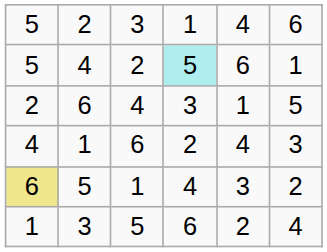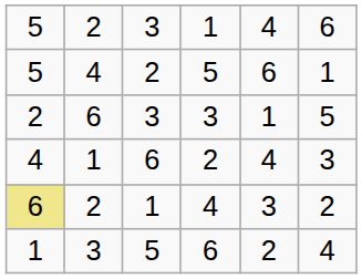 <table class="wikitable" border="1" align="center" style="margin: 1em auto 1em auto; text-align:center; width:200px">
 <tr>
 <td>5</td>
 <td>2</td>
 <td>3</td>
 <td>1</td>
 <td>4</td>
 <td>6</td>
 </tr>
 <tr>
 <td>5</td>
 <td>4</td>
 <td>2</td>
-<td style="background: paleturquoise;">5</td>
+<td>5</td>
 <td>6</td>
 <td>1</td>
 </tr>
 <tr>
 <td>2</td>
 <td>6</td>
-<td>4</td>
+<td>3</td>
 <td>3</td>
 <td>1</td>
 <td>5</td>
 </tr>
 <tr>
 <td>4</td>
 <td>1</td>
 <td>6</td>
 <td>2</td>
 <td>4</td>
 <td>3</td>
 </tr>
 <tr>
 <td style="background: khaki;">6</td>
-<td>5</td>
+<td>2</td>
 <td>1</td>
 <td>4</td>
 <td>3</td>
 <td>2</td>
 </tr>
 <tr>
 <td>1</td>
 <td>3</td>
 <td>5</td>
 <td>6</td>
 <td>2</td>
 <td>4</td>
 </tr>
 </table>
